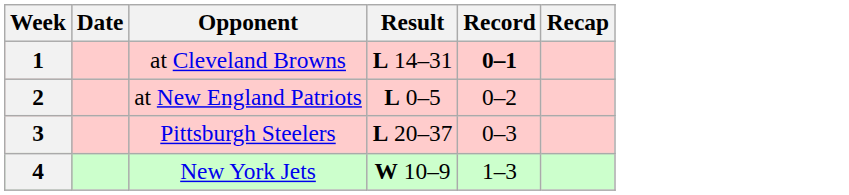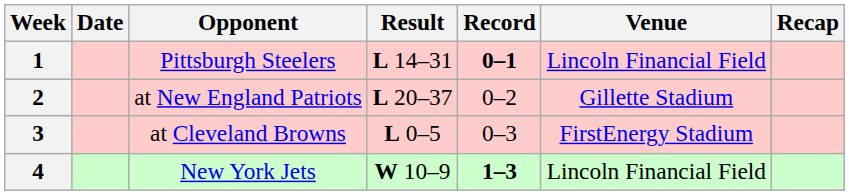 <table class="wikitable" style="text-align:center">
 <tr>
 <th>Week</th>
 <th>Date</th>
 <th>Opponent</th>
 <th>Result</th>
 <th>Record</th>
+<th>Venue</th>
 <th>Recap</th>
 </tr>
 <tr style="background:#fcc">
 <th>1</th>
 <td></td>
-<td>at <a href='#'>Cleveland Browns</a></td>
+<td><a href='#'>Pittsburgh Steelers</a></td>
 <td><strong>L</strong> 14–31</td>
 <td><strong>0–1</strong></td>
+<td><a href='#'>Lincoln Financial Field</a></td>
 <td></td>
 </tr>
 <tr style="background:#fcc">
 <th>2</th>
 <td></td>
 <td>at <a href='#'>New England Patriots</a></td>
-<td><strong>L</strong> 0–5</td>
+<td><strong>L</strong> 20–37</td>
 <td>0–2</td>
+<td><a href='#'>Gillette Stadium</a></td>
 <td></td>
 </tr>
 <tr style="background:#fcc">
 <th>3</th>
 <td></td>
-<td><a href='#'>Pittsburgh Steelers</a></td>
-<td><strong>L</strong> 20–37</td>
+<td>at <a href='#'>Cleveland Browns</a></td>
+<td><strong>L</strong> 0–5</td>
 <td>0–3</td>
+<td><a href='#'>FirstEnergy Stadium</a></td>
 <td></td>
 </tr>
 <tr style="background:#cfc">
 <th>4</th>
 <td></td>
 <td><a href='#'>New York Jets</a></td>
 <td><strong>W</strong> 10–9</td>
-<td>1–3</td>
+<td><strong>1–3</strong></td>
+<td>Lincoln Financial Field</td>
 <td></td>
 </tr>
 </table>
